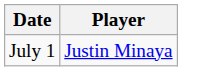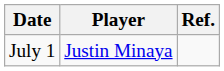 <table class="wikitable sortable sortable" style="text-align: center">
 <tr>
 <th>Date</th>
 <th>Player</th>
+<th>Ref.</th>
 </tr>
 <tr>
 <td>July 1</td>
 <td><a href='#'>Justin Minaya</a></td>
+<td></td>
 </tr>
 </table>
